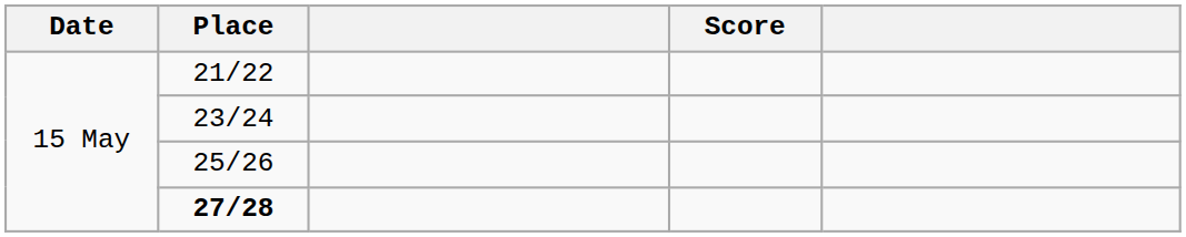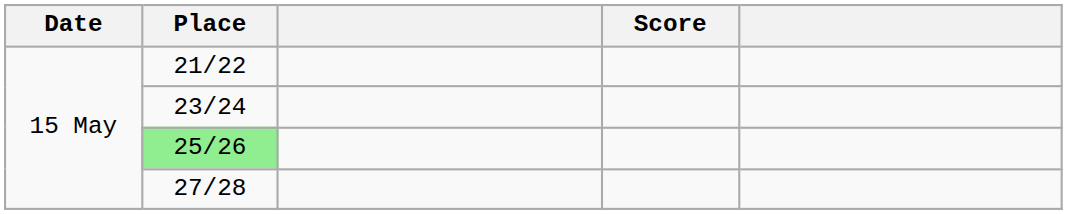 <table class="wikitable" style="text-align: center; font-size:90% ">
 <tr>
 <th width="60">Date</th>
 <th width="60">Place</th>
 <th align="right" width="150"></th>
 <th width="60">Score</th>
 <th align="left" width="150"></th>
 </tr>
 <tr>
 <td rowspan=4>15 May</td>
 <td>21/22</td>
 <td align=left></td>
 <td align=center></td>
 <td align=left><strong></strong></td>
 </tr>
 <tr>
 <td>23/24</td>
 <td align=left></td>
 <td align=center></td>
 <td align=left><strong></strong></td>
 </tr>
 <tr>
-<td>25/26</td>
+<td style="background: lightgreen;">25/26</td>
 <td align=left><strong></strong></td>
 <td align=center></td>
 <td align=left></td>
 </tr>
 <tr>
-<td><strong>27/28</strong></td>
+<td>27/28</td>
 <td align=left><strong></strong></td>
 <td align=center></td>
 <td align=left></td>
 </tr>
 </table>
